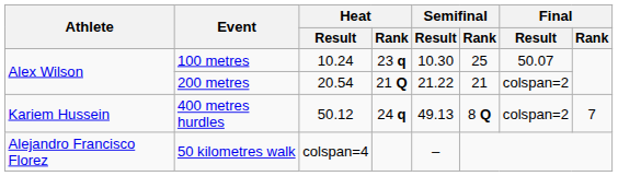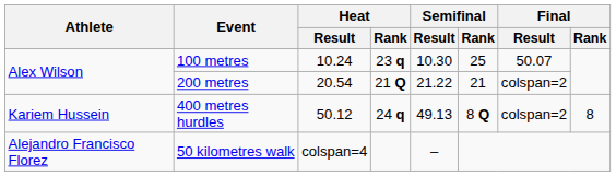 <table class="wikitable" style="font-size:90%">
 <tr>
 <th rowspan="2">Athlete</th>
 <th rowspan="2">Event</th>
 <th colspan="2">Heat</th>
 <th colspan="2">Semifinal</th>
 <th colspan="2">Final</th>
 </tr>
 <tr style="font-size:95%">
 <th>Result</th>
 <th>Rank</th>
 <th>Result</th>
 <th>Rank</th>
 <th>Result</th>
 <th>Rank</th>
 </tr>
 <tr style=text-align:center>
 <td style=text-align:left rowspan=2><a href='#'>Alex Wilson</a></td>
 <td style=text-align:left><a href='#'>100 metres</a></td>
 <td>10.24</td>
 <td>23 <strong>q</strong></td>
 <td>10.30</td>
 <td>25</td>
 <td>50.07</td>
 </tr>
 <tr style=text-align:center>
 <td style=text-align:left><a href='#'>200 metres</a></td>
 <td>20.54</td>
 <td>21 <strong>Q</strong></td>
 <td>21.22</td>
 <td>21</td>
 <td>colspan=2 </td>
 </tr>
 <tr style=text-align:center>
 <td style=text-align:left><a href='#'>Kariem Hussein</a></td>
 <td style=text-align:left><a href='#'>400 metres hurdles</a></td>
 <td>50.12</td>
 <td>24 <strong>q</strong></td>
 <td>49.13</td>
 <td>8 <strong>Q</strong></td>
 <td>colspan=2 </td>
-<td>7</td>
+<td>8</td>
 </tr>
 <tr style=text-align:center>
 <td style=text-align:left><a href='#'>Alejandro Francisco Florez</a></td>
 <td style=text-align:left><a href='#'>50 kilometres walk</a></td>
 <td>colspan=4 </td>
 <td></td>
 <td>–</td>
 </tr>
 </table>
